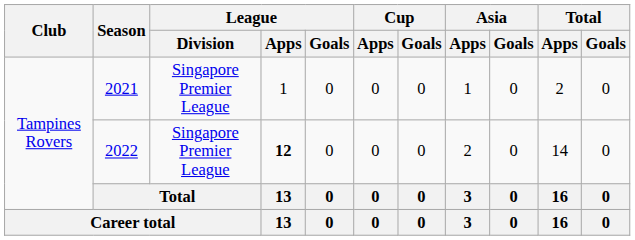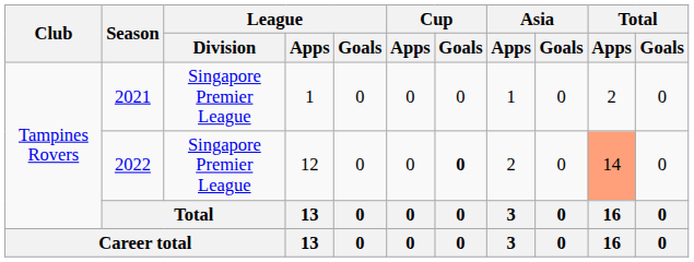 <table class="wikitable" style="text-align: center">
 <tr>
 <th rowspan="2">Club</th>
 <th rowspan="2">Season</th>
 <th colspan="3">League</th>
 <th colspan="2">Cup</th>
 <th colspan="2">Asia</th>
 <th colspan="2">Total</th>
 </tr>
 <tr>
 <th>Division</th>
 <th>Apps</th>
 <th>Goals</th>
 <th>Apps</th>
 <th>Goals</th>
 <th>Apps</th>
 <th>Goals</th>
 <th>Apps</th>
 <th>Goals</th>
 </tr>
 <tr>
 <td rowspan="3"><a href='#'>Tampines Rovers</a></td>
 <td><a href='#'>2021</a></td>
 <td><a href='#'>Singapore Premier League</a></td>
 <td>1</td>
 <td>0</td>
 <td>0</td>
 <td>0</td>
 <td>1</td>
 <td>0</td>
 <td>2</td>
 <td>0</td>
 </tr>
 <tr>
 <td><a href='#'>2022</a></td>
 <td><a href='#'>Singapore Premier League</a></td>
-<td><strong>12</strong></td>
+<td>12</td>
 <td>0</td>
 <td>0</td>
-<td>0</td>
+<td><strong>0</strong></td>
 <td>2</td>
 <td>0</td>
-<td>14</td>
+<td style="background: lightsalmon;">14</td>
 <td>0</td>
 </tr>
 <tr>
 <th colspan=2>Total</th>
 <th>13</th>
 <th>0</th>
 <th>0</th>
 <th>0</th>
 <th>3</th>
 <th>0</th>
 <th>16</th>
 <th>0</th>
 </tr>
 <tr>
 <th colspan=3>Career total</th>
 <th>13</th>
 <th>0</th>
 <th>0</th>
 <th>0</th>
 <th>3</th>
 <th>0</th>
 <th>16</th>
 <th>0</th>
 </tr>
 </table>
